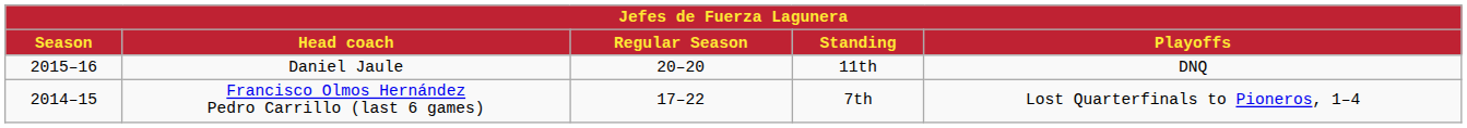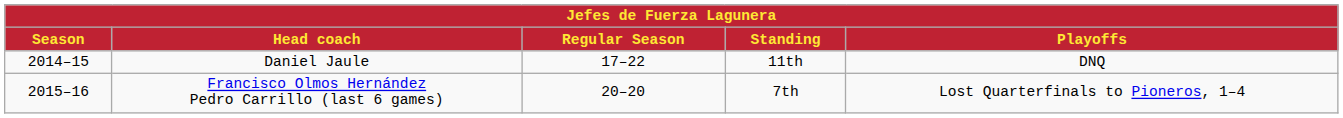 <table class="wikitable" style="font-size: 85%; width:80%; text-align:center;">
 <tr>
 <td colspan=10 style="background:#BF2233;color:#FEE934;"><strong>Jefes de Fuerza Lagunera</strong></td>
 </tr>
 <tr>
 <th align="center" style="background:#BF2233; color:#FEE934;">Season</th>
 <th align="center" style="background:#BF2233; color:#FEE934;">Head coach</th>
 <th align="center" style="background:#BF2233; color:#FEE934;">Regular Season</th>
 <th align="center" style="background:#BF2233; color:#FEE934;">Standing</th>
 <th align="center" style="background:#BF2233; color:#FEE934;">Playoffs</th>
 </tr>
 <tr>
-<td>2015–16</td>
+<td>2014–15</td>
 <td>Daniel Jaule </td>
-<td>20–20</td>
+<td>17–22</td>
 <td>11th</td>
 <td>DNQ</td>
 </tr>
 <tr>
-<td>2014–15</td>
+<td>2015–16</td>
 <td><a href='#'>Francisco Olmos Hernández</a> <br> Pedro Carrillo (last 6 games)</td>
-<td>17–22</td>
+<td>20–20</td>
 <td>7th</td>
 <td>Lost Quarterfinals to <a href='#'>Pioneros</a>, 1–4</td>
 </tr>
 </table>
